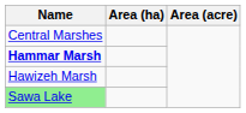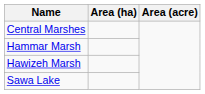 <table class="wikitable sortable">
 <tr>
 <th scope="col" align=left>Name</th>
 <th scope="col">Area (ha)</th>
 <th scope="col">Area (acre)</th>
 </tr>
 <tr ---->
 <td><a href='#'>Central Marshes</a></td>
 <td></td>
 </tr>
 <tr ---->
-<td><strong><a href='#'>Hammar Marsh</a></strong></td>
+<td><a href='#'>Hammar Marsh</a></td>
 <td></td>
 </tr>
 <tr ---->
 <td><a href='#'>Hawizeh Marsh</a></td>
 <td></td>
 </tr>
 <tr ---->
-<td style="background: lightgreen;"><a href='#'>Sawa Lake</a></td>
+<td><a href='#'>Sawa Lake</a></td>
 <td></td>
 </tr>
 </table>
